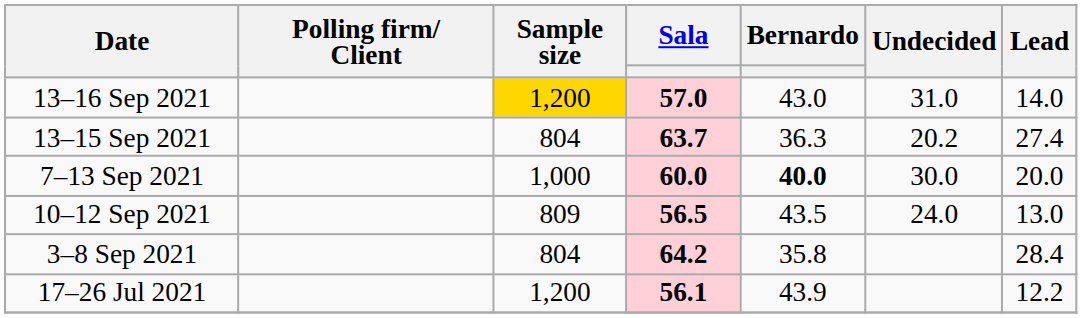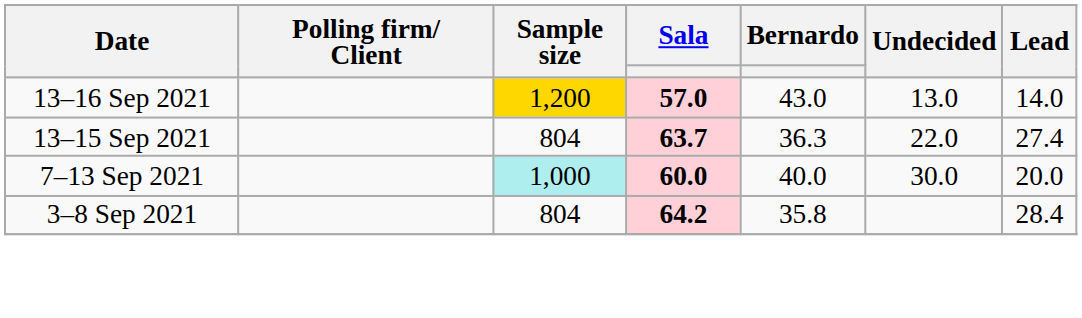 <table class=wikitable style="text-align:center;font-size:85%;line-height:13px">
 <tr style="height:30px; background-color:#E9E9E9">
 <th style="width:110px;" rowspan="2">Date</th>
 <th style="width:120px;" rowspan="2">Polling firm/<br>Client</th>
 <th style="width:60px;" rowspan="2">Sample size</th>
 <th style="width:50px;"><a href='#'>Sala</a></th>
 <th style="width:50px;">Bernardo</th>
 <th style="width:40px;" rowspan="2">Undecided</th>
 <th style="width:30px;" rowspan="2">Lead</th>
 </tr>
 <tr>
 <th style="background:"></th>
 <th style="background:"></th>
 </tr>
 <tr>
 <td>13–16 Sep 2021</td>
 <td></td>
 <td style="background: gold;">1,200</td>
 <td style="background:#FFD0D7"><strong>57.0</strong></td>
 <td>43.0</td>
-<td>31.0</td>
+<td>13.0</td>
 <td style="background:">14.0</td>
 </tr>
 <tr>
 <td>13–15 Sep 2021</td>
 <td></td>
 <td>804</td>
 <td style="background:#FFD0D7"><strong>63.7</strong></td>
 <td>36.3</td>
-<td>20.2</td>
+<td>22.0</td>
 <td style="background:">27.4</td>
 </tr>
 <tr>
 <td>7–13 Sep 2021</td>
 <td></td>
-<td>1,000</td>
+<td style="background: paleturquoise;">1,000</td>
 <td style="background:#FFD0D7"><strong>60.0</strong></td>
-<td><strong>40.0</strong></td>
+<td>40.0</td>
 <td>30.0</td>
 <td style="background:">20.0</td>
-</tr>
-<tr>
-<td>10–12 Sep 2021</td>
-<td></td>
-<td>809</td>
-<td style="background:#FFD0D7"><strong>56.5</strong></td>
-<td>43.5</td>
-<td>24.0</td>
-<td style="background:">13.0</td>
 </tr>
 <tr>
 <td>3–8 Sep 2021</td>
 <td></td>
 <td>804</td>
 <td style="background:#FFD0D7"><strong>64.2</strong></td>
 <td>35.8</td>
 <td></td>
 <td style="background:">28.4</td>
 </tr>
 <tr>
-<td>17–26 Jul 2021</td>
-<td></td>
-<td>1,200</td>
-<td style="background:#FFD0D7"><strong>56.1</strong></td>
-<td>43.9</td>
-<td></td>
-<td style="background:">12.2</td>
-</tr>
-<tr>
 </tr>
 </table>
